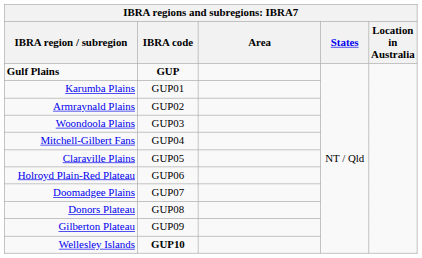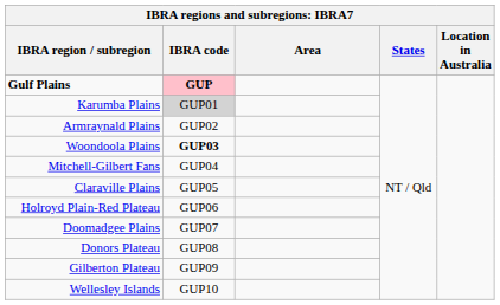 <table class="wikitable sortable">
 <tr>
 <th rowwidth=100px colspan=5>IBRA regions and subregions: IBRA7</th>
 </tr>
 <tr>
 <th scope="col" width="250px">IBRA region / subregion</th>
 <th scope="col" width="100px">IBRA code</th>
 <th scope="col" width="250px">Area</th>
 <th scope="col" width="75px"><a href='#'>States</a></th>
 <th>Location in Australia</th>
 </tr>
 <tr>
 <td><strong>Gulf Plains</strong></td>
-<td align="center"><strong>GUP</strong></td>
+<td align="center" style="background: pink;"><strong>GUP</strong></td>
 <td align="right"><strong></strong></td>
 <td align="center" rowspan=11>NT / Qld</td>
 <td align="center" rowspan=11></td>
 </tr>
 <tr>
 <td align="right"><a href='#'>Karumba Plains</a></td>
-<td align="center">GUP01</td>
+<td align="center" style="background: lightgrey;">GUP01</td>
 <td align="right"></td>
 </tr>
 <tr>
 <td align="right"><a href='#'>Armraynald Plains</a></td>
 <td align="center">GUP02</td>
 <td align="right"></td>
 </tr>
 <tr>
 <td align="right"><a href='#'>Woondoola Plains</a></td>
-<td align="center">GUP03</td>
+<td align="center"><strong>GUP03</strong></td>
 <td align="right"></td>
 </tr>
 <tr>
 <td align="right"><a href='#'>Mitchell-Gilbert Fans</a></td>
 <td align="center">GUP04</td>
 <td align="right"></td>
 </tr>
 <tr>
 <td align="right"><a href='#'>Claraville Plains</a></td>
 <td align="center">GUP05</td>
 <td align="right"></td>
 </tr>
 <tr>
 <td align="right"><a href='#'>Holroyd Plain-Red Plateau</a></td>
 <td align="center">GUP06</td>
 <td align="right"></td>
 </tr>
 <tr>
 <td align="right"><a href='#'>Doomadgee Plains</a></td>
 <td align="center">GUP07</td>
 <td align="right"></td>
 </tr>
 <tr>
 <td align="right"><a href='#'>Donors Plateau</a></td>
 <td align="center">GUP08</td>
 <td align="right"></td>
 </tr>
 <tr>
 <td align="right"><a href='#'>Gilberton Plateau</a></td>
 <td align="center">GUP09</td>
 <td align="right"></td>
 </tr>
 <tr>
 <td align="right"><a href='#'>Wellesley Islands</a></td>
-<td align="center"><strong>GUP10</strong></td>
+<td align="center">GUP10</td>
 <td align="right"></td>
 </tr>
 </table>
